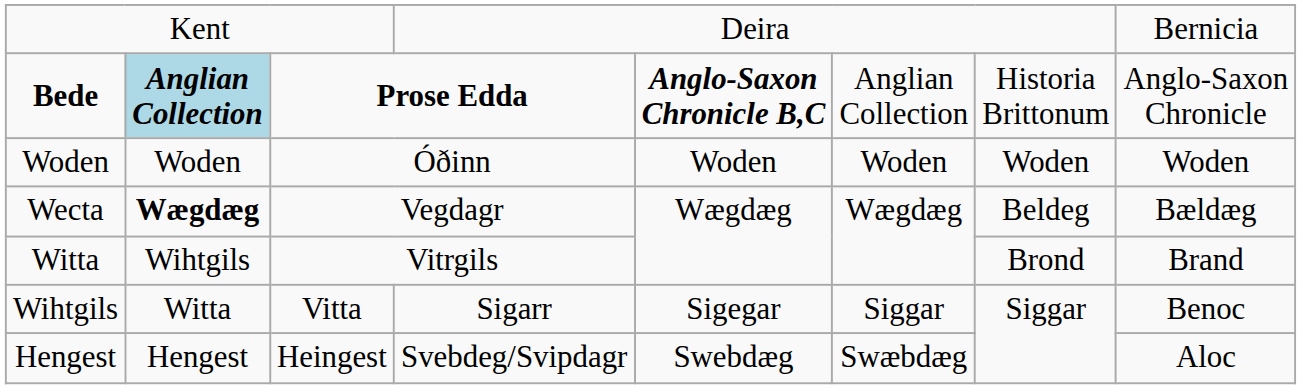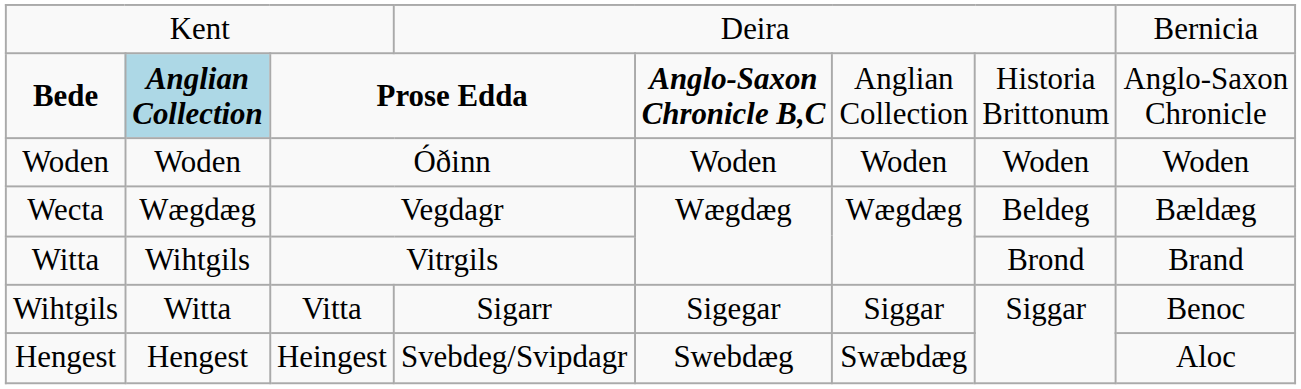 <table class="wikitable" style="text-align: center; margin: 0.5em 0px 0.5em 1em;">
 <tr>
 <td colspan=3>Kent</td>
 <td colspan=4>Deira</td>
 <td>Bernicia</td>
 </tr>
 <tr>
 <td><strong>Bede</strong></td>
 <td style="background: lightblue;"><strong><em>Anglian<br>Collection</em></strong></td>
 <td colspan=2><strong>Prose Edda</strong></td>
 <td><strong><em>Anglo-Saxon<br>Chronicle<em> B,C<strong></td>
 <td></em></strong>Anglian<br>Collection<strong><em></td>
 <td></em></strong>Historia<br>Brittonum<strong><em></td>
 <td></em></strong>Anglo-Saxon<br>Chronicle<strong><em></td>
 </tr>
 <tr>
 <td>Woden</td>
 <td>Woden</td>
 <td colspan=2>Óðinn</td>
 <td>Woden</td>
 <td>Woden</td>
 <td>Woden</td>
 <td>Woden</td>
 </tr>
 <tr>
 <td>Wecta</td>
-<td><strong>Wægdæg</strong></td>
+<td>Wægdæg</td>
 <td colspan=2>Vegdagr</td>
 <td rowspan="2" valign="top">Wægdæg</td>
 <td rowspan="2" valign="top">Wægdæg</td>
 <td>Beldeg</td>
 <td>Bældæg</td>
 </tr>
 <tr>
 <td>Witta</td>
 <td>Wihtgils</td>
 <td colspan=2>Vitrgils</td>
 <td>Brond</td>
 <td>Brand</td>
 </tr>
 <tr>
 <td>Wihtgils</td>
 <td>Witta</td>
 <td>Vitta</td>
 <td>Sigarr</td>
 <td>Sigegar</td>
 <td>Siggar</td>
 <td rowspan="2" valign="top">Siggar</td>
 <td></em>Benoc<em></td>
 </tr>
 <tr>
 <td>Hengest</td>
 <td>Hengest</td>
 <td>Heingest</td>
 <td>Svebdeg/Svipdagr</td>
 <td>Swebdæg</td>
 <td>Swæbdæg</td>
 <td></em>Aloc<em></td>
 </tr>
 </table>
